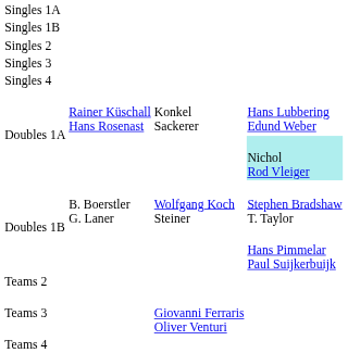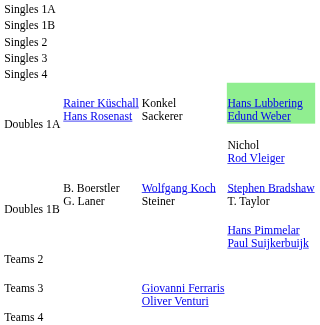 <table>
 <tr>
 <td rowspan="2">Singles 1A<br></td>
 <td rowspan="2"></td>
 <td rowspan="2"></td>
 <td></td>
 </tr>
 <tr>
 <td></td>
 </tr>
 <tr>
 <td rowspan="2">Singles 1B<br></td>
 <td rowspan="2"></td>
 <td rowspan="2"></td>
 <td></td>
 </tr>
 <tr>
 <td></td>
 </tr>
 <tr>
 <td rowspan="2">Singles 2<br></td>
 <td rowspan="2"></td>
 <td rowspan="2"></td>
 <td></td>
 </tr>
 <tr>
 <td></td>
 </tr>
 <tr>
 <td rowspan="2">Singles 3<br></td>
 <td rowspan="2"></td>
 <td rowspan="2"></td>
 <td></td>
 </tr>
 <tr>
 <td></td>
 </tr>
 <tr>
 <td rowspan="2">Singles 4<br></td>
 <td rowspan="2"></td>
 <td rowspan="2"></td>
 <td></td>
 </tr>
 <tr>
 <td></td>
 </tr>
 <tr>
 <td rowspan="2">Doubles 1A<br></td>
 <td rowspan="2" valign=top> <br> <a href='#'>Rainer Küschall</a> <br> <a href='#'>Hans Rosenast</a></td>
 <td rowspan="2" valign=top> <br> Konkel <br> Sackerer</td>
-<td valign=top> <br> <a href='#'>Hans Lubbering</a> <br> <a href='#'>Edund Weber</a></td>
+<td valign=top style="background: lightgreen;"> <br> <a href='#'>Hans Lubbering</a> <br> <a href='#'>Edund Weber</a></td>
 </tr>
 <tr>
-<td valign=top style="background: paleturquoise;"> <br> Nichol <br> <a href='#'>Rod Vleiger</a></td>
+<td valign=top> <br> Nichol <br> <a href='#'>Rod Vleiger</a></td>
 </tr>
 <tr>
 <td rowspan="2">Doubles 1B<br></td>
 <td rowspan="2" valign=top> <br> B. Boerstler <br> G. Laner</td>
 <td rowspan="2" valign=top> <br> <a href='#'>Wolfgang Koch</a> <br> Steiner</td>
 <td valign=top> <br> <a href='#'>Stephen Bradshaw</a> <br> T. Taylor</td>
 </tr>
 <tr>
 <td valign=top> <br> <a href='#'>Hans Pimmelar</a> <br> <a href='#'>Paul Suijkerbuijk</a></td>
 </tr>
 <tr>
 <td rowspan="2">Teams 2<br></td>
 <td rowspan="2"></td>
 <td rowspan="2"></td>
 <td></td>
 </tr>
 <tr>
 <td></td>
 </tr>
 <tr>
 <td rowspan="2">Teams 3<br></td>
 <td rowspan="2" valign=top></td>
 <td rowspan="2" valign=top> <br> <a href='#'>Giovanni Ferraris</a> <br> <a href='#'>Oliver Venturi</a></td>
 <td valign=top></td>
 </tr>
 <tr>
 <td valign=top></td>
 </tr>
 <tr>
 <td rowspan="2">Teams 4<br></td>
 <td rowspan="2"></td>
 <td rowspan="2"></td>
 <td></td>
 </tr>
 <tr>
 <td></td>
 </tr>
 </table>
